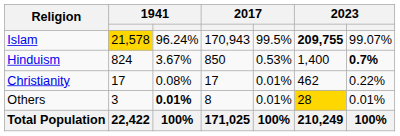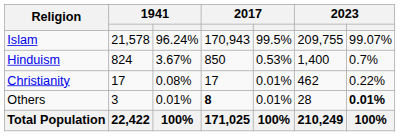 <table class="wikitable sortable">
 <tr>
 <th rowspan="2">Religion</th>
 <th colspan="2">1941</th>
 <th colspan="2">2017</th>
 <th colspan="2">2023</th>
 </tr>
 <tr>
 <th></th>
 <th></th>
 <th></th>
 <th></th>
 <th></th>
 <th></th>
 </tr>
 <tr>
 <td><a href='#'>Islam</a> </td>
-<td style="background: gold;">21,578</td>
+<td>21,578</td>
 <td>96.24%</td>
 <td>170,943</td>
 <td>99.5%</td>
-<td><strong>209,755</strong></td>
+<td>209,755</td>
 <td>99.07%</td>
 </tr>
 <tr>
 <td><a href='#'>Hinduism</a> </td>
 <td>824</td>
 <td>3.67%</td>
 <td>850</td>
 <td>0.53%</td>
 <td>1,400</td>
-<td><strong>0.7%</strong></td>
+<td>0.7%</td>
 </tr>
 <tr>
 <td><a href='#'>Christianity</a> </td>
 <td>17</td>
 <td>0.08%</td>
 <td>17</td>
 <td>0.01%</td>
 <td>462</td>
 <td>0.22%</td>
 </tr>
 <tr>
 <td>Others</td>
 <td>3</td>
+<td>0.01%</td>
+<td><strong>8</strong></td>
+<td>0.01%</td>
+<td>28</td>
 <td><strong>0.01%</strong></td>
-<td>8</td>
-<td>0.01%</td>
-<td style="background: gold;">28</td>
-<td>0.01%</td>
 </tr>
 <tr>
 <th>Total Population</th>
 <th>22,422</th>
 <th>100%</th>
 <th>171,025</th>
 <th>100%</th>
 <th>210,249</th>
 <th>100%</th>
 </tr>
 </table>
